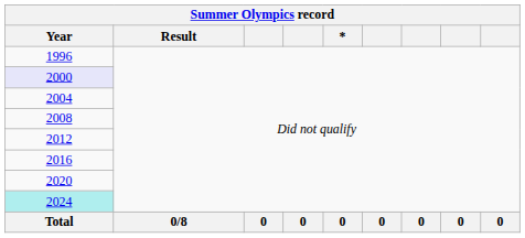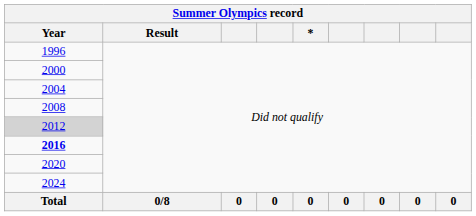 <table class="wikitable" style="text-align: center; width:50%;">
 <tr>
 <th colspan=10><a href='#'>Summer Olympics</a> record</th>
 </tr>
 <tr>
 <th>Year</th>
 <th>Result</th>
 <th></th>
 <th></th>
 <th>*</th>
 <th></th>
 <th></th>
 <th></th>
 <th></th>
 </tr>
 <tr>
 <td> <a href='#'>1996</a></td>
 <td colspan=8 rowspan=8><em>Did not qualify</em></td>
 </tr>
 <tr>
-<td style="background: lavender;"> <a href='#'>2000</a></td>
+<td> <a href='#'>2000</a></td>
 </tr>
 <tr>
 <td> <a href='#'>2004</a></td>
 </tr>
 <tr>
 <td> <a href='#'>2008</a></td>
 </tr>
 <tr>
-<td> <a href='#'>2012</a></td>
+<td style="background: lightgrey;"> <a href='#'>2012</a></td>
 </tr>
 <tr>
-<td> <a href='#'>2016</a></td>
+<td><strong> <a href='#'>2016</a></strong></td>
 </tr>
 <tr>
 <td> <a href='#'>2020</a></td>
 </tr>
 <tr>
-<td style="background: paleturquoise;"> <a href='#'>2024</a></td>
+<td> <a href='#'>2024</a></td>
 </tr>
 <tr>
 <th>Total</th>
 <th>0/8</th>
 <th>0</th>
 <th>0</th>
 <th>0</th>
 <th>0</th>
 <th>0</th>
 <th>0</th>
 <th>0</th>
 </tr>
 </table>
